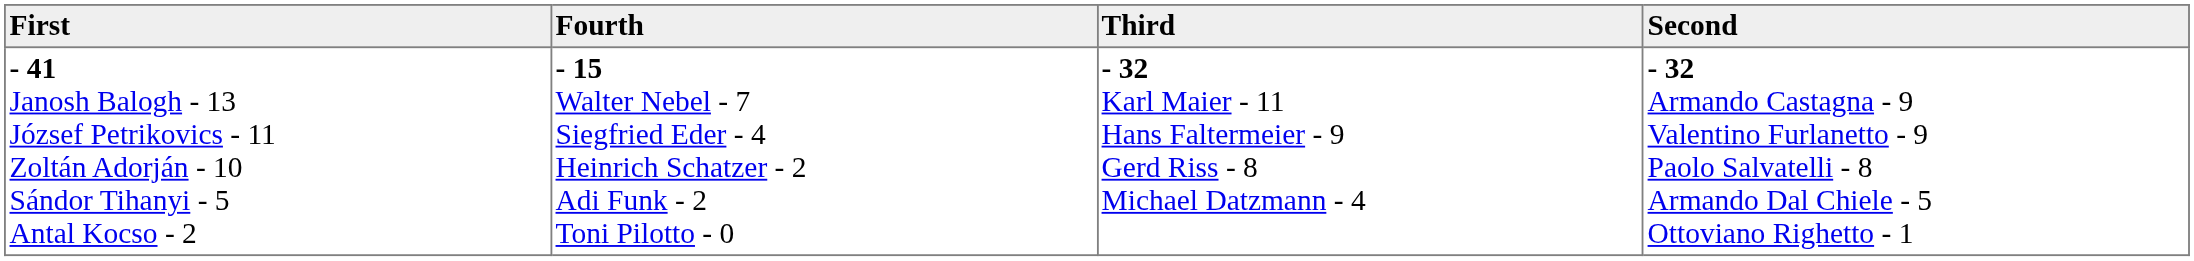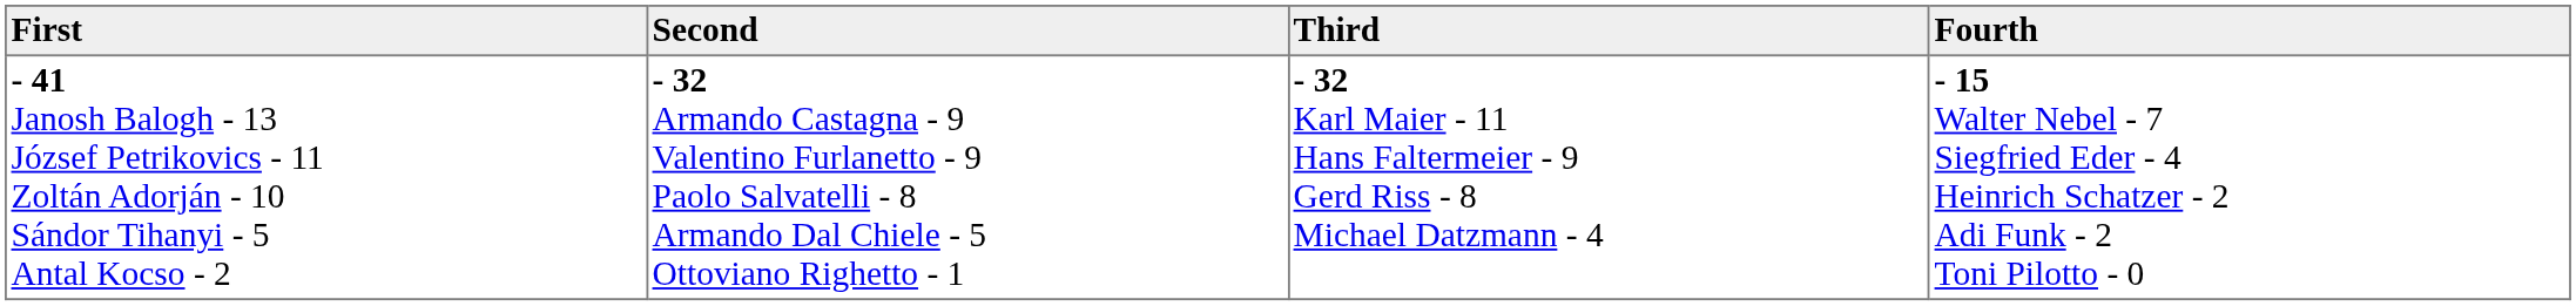 <table border=1 cellpadding=2 cellspacing=0 width=75% style="border-collapse:collapse">
 <tr align=left style="background:#efefef;">
 <th width=20%>First</th>
+<th width=20%>Second</th>
+<th width=20%>Third</th>
 <th width=20%>Fourth</th>
-<th width=20%>Third</th>
-<th width=20%>Second</th>
 </tr>
 <tr align=left>
 <td valign=top><strong> - 41</strong><br><a href='#'>Janosh Balogh</a> - 13 <br><a href='#'>József Petrikovics</a> - 11 <br><a href='#'>Zoltán Adorján</a> - 10 <br><a href='#'>Sándor Tihanyi</a> - 5 <br><a href='#'>Antal Kocso</a> - 2</td>
+<td valign=top><strong> - 32</strong><br><a href='#'>Armando Castagna</a> - 9 <br><a href='#'>Valentino Furlanetto</a> - 9 <br><a href='#'>Paolo Salvatelli</a> - 8 <br><a href='#'>Armando Dal Chiele</a> - 5 <br><a href='#'>Ottoviano Righetto</a> - 1</td>
+<td valign=top><strong> - 32</strong><br><a href='#'>Karl Maier</a> - 11 <br><a href='#'>Hans Faltermeier</a> - 9 <br><a href='#'>Gerd Riss</a> - 8 <br><a href='#'>Michael Datzmann</a> - 4</td>
 <td valign=top><strong> - 15</strong><br><a href='#'>Walter Nebel</a> - 7 <br><a href='#'>Siegfried Eder</a> - 4 <br><a href='#'>Heinrich Schatzer</a> - 2 <br><a href='#'>Adi Funk</a> - 2 <br><a href='#'>Toni Pilotto</a> - 0</td>
-<td valign=top><strong> - 32</strong><br><a href='#'>Karl Maier</a> - 11 <br><a href='#'>Hans Faltermeier</a> - 9 <br><a href='#'>Gerd Riss</a> - 8 <br><a href='#'>Michael Datzmann</a> - 4</td>
-<td valign=top><strong> - 32</strong><br><a href='#'>Armando Castagna</a> - 9 <br><a href='#'>Valentino Furlanetto</a> - 9 <br><a href='#'>Paolo Salvatelli</a> - 8 <br><a href='#'>Armando Dal Chiele</a> - 5 <br><a href='#'>Ottoviano Righetto</a> - 1</td>
 </tr>
 </table>
